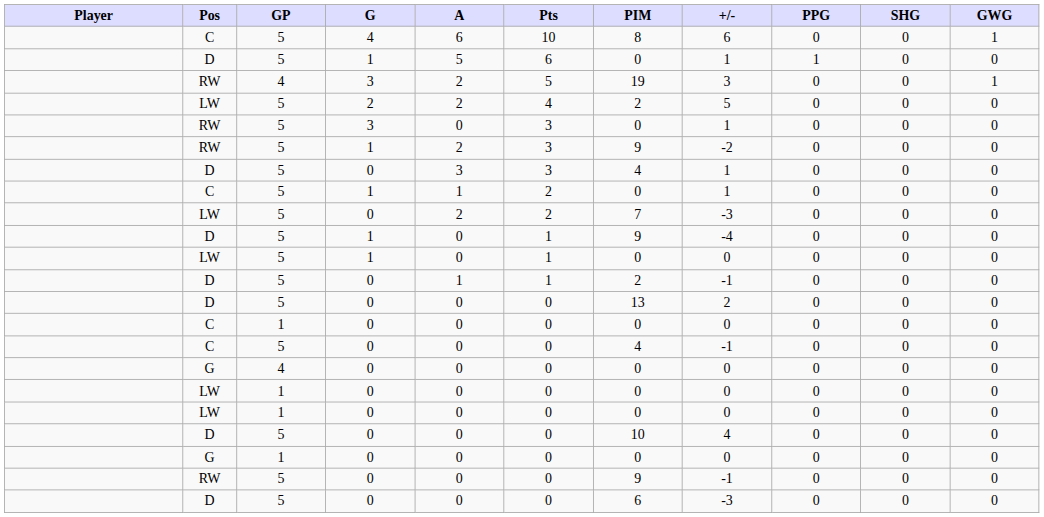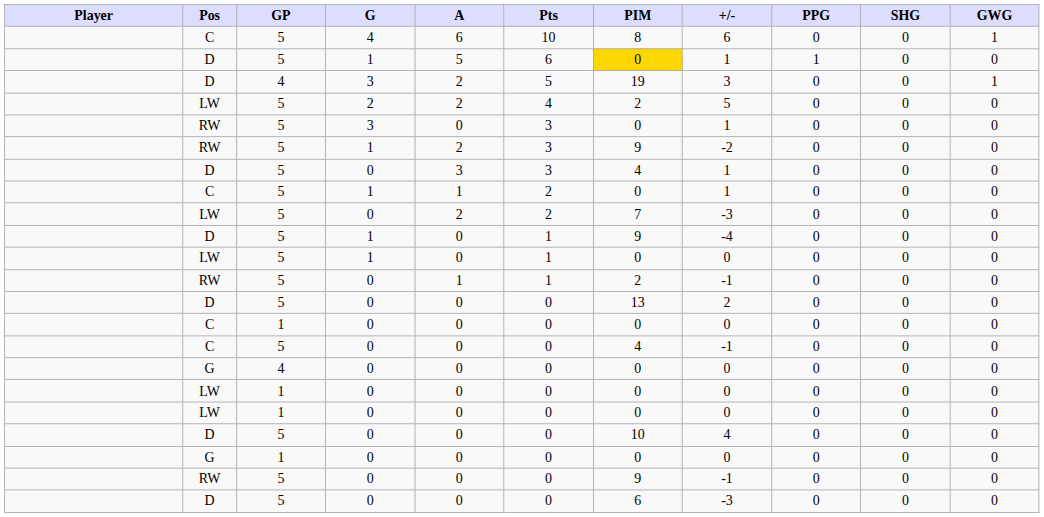 <table style="width:60%;" class="wikitable sortable">
 <tr style="text-align:center;">
 <th style="background:#ddf; width:10%;">Player</th>
 <th style="background:#ddf; width:3%;" title="Position">Pos</th>
 <th style="background:#ddf; width:5%;" title="Games played">GP</th>
 <th style="background:#ddf; width:5%;" title="Goals">G</th>
 <th style="background:#ddf; width:5%;" title="Assists">A</th>
 <th style="background:#ddf; width:5%;" title="Points">Pts</th>
 <th style="background:#ddf; width:5%;" title="Penalties in Minutes">PIM</th>
 <th style="background:#ddf; width:5%;" title="Plus/minus">+/-</th>
 <th style="background:#ddf; width:5%;" title="Power play goals">PPG</th>
 <th style="background:#ddf; width:5%;" title="Short-handed goals">SHG</th>
 <th style="background:#ddf; width:5%;" title="Game-winning goals">GWG</th>
 </tr>
 <tr style="text-align:center;">
 <td style="text-align:right;"></td>
 <td>C</td>
 <td>5</td>
 <td>4</td>
 <td>6</td>
 <td>10</td>
 <td>8</td>
 <td>6</td>
 <td>0</td>
 <td>0</td>
 <td>1</td>
 </tr>
 <tr style="text-align:center;">
 <td style="text-align:right;"></td>
 <td>D</td>
 <td>5</td>
 <td>1</td>
 <td>5</td>
 <td>6</td>
-<td>0</td>
+<td style="background: gold;">0</td>
 <td>1</td>
 <td>1</td>
 <td>0</td>
 <td>0</td>
 </tr>
 <tr style="text-align:center;">
 <td style="text-align:right;"></td>
-<td>RW</td>
+<td>D</td>
 <td>4</td>
 <td>3</td>
 <td>2</td>
 <td>5</td>
 <td>19</td>
 <td>3</td>
 <td>0</td>
 <td>0</td>
 <td>1</td>
 </tr>
 <tr style="text-align:center;">
 <td style="text-align:right;"></td>
 <td>LW</td>
 <td>5</td>
 <td>2</td>
 <td>2</td>
 <td>4</td>
 <td>2</td>
 <td>5</td>
 <td>0</td>
 <td>0</td>
 <td>0</td>
 </tr>
 <tr style="text-align:center;">
 <td style="text-align:right;"></td>
 <td>RW</td>
 <td>5</td>
 <td>3</td>
 <td>0</td>
 <td>3</td>
 <td>0</td>
 <td>1</td>
 <td>0</td>
 <td>0</td>
 <td>0</td>
 </tr>
 <tr style="text-align:center;">
 <td style="text-align:right;"></td>
 <td>RW</td>
 <td>5</td>
 <td>1</td>
 <td>2</td>
 <td>3</td>
 <td>9</td>
 <td>-2</td>
 <td>0</td>
 <td>0</td>
 <td>0</td>
 </tr>
 <tr style="text-align:center;">
 <td style="text-align:right;"></td>
 <td>D</td>
 <td>5</td>
 <td>0</td>
 <td>3</td>
 <td>3</td>
 <td>4</td>
 <td>1</td>
 <td>0</td>
 <td>0</td>
 <td>0</td>
 </tr>
 <tr style="text-align:center;">
 <td style="text-align:right;"></td>
 <td>C</td>
 <td>5</td>
 <td>1</td>
 <td>1</td>
 <td>2</td>
 <td>0</td>
 <td>1</td>
 <td>0</td>
 <td>0</td>
 <td>0</td>
 </tr>
 <tr style="text-align:center;">
 <td style="text-align:right;"></td>
 <td>LW</td>
 <td>5</td>
 <td>0</td>
 <td>2</td>
 <td>2</td>
 <td>7</td>
 <td>-3</td>
 <td>0</td>
 <td>0</td>
 <td>0</td>
 </tr>
 <tr style="text-align:center;">
 <td style="text-align:right;"></td>
 <td>D</td>
 <td>5</td>
 <td>1</td>
 <td>0</td>
 <td>1</td>
 <td>9</td>
 <td>-4</td>
 <td>0</td>
 <td>0</td>
 <td>0</td>
 </tr>
 <tr style="text-align:center;">
 <td style="text-align:right;"></td>
 <td>LW</td>
 <td>5</td>
 <td>1</td>
 <td>0</td>
 <td>1</td>
 <td>0</td>
 <td>0</td>
 <td>0</td>
 <td>0</td>
 <td>0</td>
 </tr>
 <tr style="text-align:center;">
 <td style="text-align:right;"></td>
-<td>D</td>
+<td>RW</td>
 <td>5</td>
 <td>0</td>
 <td>1</td>
 <td>1</td>
 <td>2</td>
 <td>-1</td>
 <td>0</td>
 <td>0</td>
 <td>0</td>
 </tr>
 <tr style="text-align:center;">
 <td style="text-align:right;"></td>
 <td>D</td>
 <td>5</td>
 <td>0</td>
 <td>0</td>
 <td>0</td>
 <td>13</td>
 <td>2</td>
 <td>0</td>
 <td>0</td>
 <td>0</td>
 </tr>
 <tr style="text-align:center;">
 <td style="text-align:right;"></td>
 <td>C</td>
 <td>1</td>
 <td>0</td>
 <td>0</td>
 <td>0</td>
 <td>0</td>
 <td>0</td>
 <td>0</td>
 <td>0</td>
 <td>0</td>
 </tr>
 <tr style="text-align:center;">
 <td style="text-align:right;"></td>
 <td>C</td>
 <td>5</td>
 <td>0</td>
 <td>0</td>
 <td>0</td>
 <td>4</td>
 <td>-1</td>
 <td>0</td>
 <td>0</td>
 <td>0</td>
 </tr>
 <tr style="text-align:center;">
 <td style="text-align:right;"></td>
 <td>G</td>
 <td>4</td>
 <td>0</td>
 <td>0</td>
 <td>0</td>
 <td>0</td>
 <td>0</td>
 <td>0</td>
 <td>0</td>
 <td>0</td>
 </tr>
 <tr style="text-align:center;">
 <td style="text-align:right;"></td>
 <td>LW</td>
 <td>1</td>
 <td>0</td>
 <td>0</td>
 <td>0</td>
 <td>0</td>
 <td>0</td>
 <td>0</td>
 <td>0</td>
 <td>0</td>
 </tr>
 <tr style="text-align:center;">
 <td style="text-align:right;"></td>
 <td>LW</td>
 <td>1</td>
 <td>0</td>
 <td>0</td>
 <td>0</td>
 <td>0</td>
 <td>0</td>
 <td>0</td>
 <td>0</td>
 <td>0</td>
 </tr>
 <tr style="text-align:center;">
 <td style="text-align:right;"></td>
 <td>D</td>
 <td>5</td>
 <td>0</td>
 <td>0</td>
 <td>0</td>
 <td>10</td>
 <td>4</td>
 <td>0</td>
 <td>0</td>
 <td>0</td>
 </tr>
 <tr style="text-align:center;">
 <td style="text-align:right;"></td>
 <td>G</td>
 <td>1</td>
 <td>0</td>
 <td>0</td>
 <td>0</td>
 <td>0</td>
 <td>0</td>
 <td>0</td>
 <td>0</td>
 <td>0</td>
 </tr>
 <tr style="text-align:center;">
 <td style="text-align:right;"></td>
 <td>RW</td>
 <td>5</td>
 <td>0</td>
 <td>0</td>
 <td>0</td>
 <td>9</td>
 <td>-1</td>
 <td>0</td>
 <td>0</td>
 <td>0</td>
 </tr>
 <tr style="text-align:center;">
 <td style="text-align:right;"></td>
 <td>D</td>
 <td>5</td>
 <td>0</td>
 <td>0</td>
 <td>0</td>
 <td>6</td>
 <td>-3</td>
 <td>0</td>
 <td>0</td>
 <td>0</td>
 </tr>
 </table>
